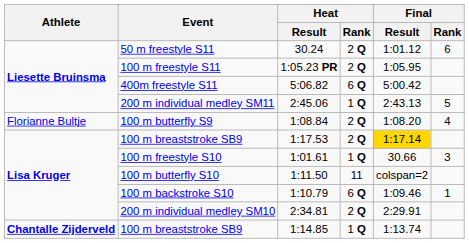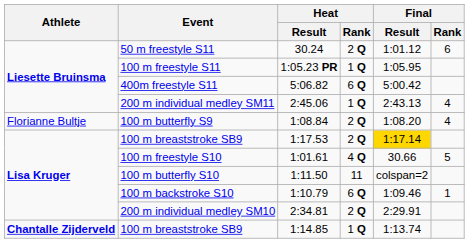 <table class=wikitable style="font-size:90%">
 <tr>
 <th rowspan="2">Athlete</th>
 <th rowspan="2">Event</th>
 <th colspan="2">Heat</th>
 <th colspan="2">Final</th>
 </tr>
 <tr>
 <th>Result</th>
 <th>Rank</th>
 <th>Result</th>
 <th>Rank</th>
 </tr>
 <tr align=center>
 <td align=left rowspan=4><strong><a href='#'>Liesette Bruinsma</a></strong></td>
 <td align=left><a href='#'>50 m freestyle S11</a></td>
 <td>30.24</td>
 <td>2 <strong>Q</strong></td>
 <td>1:01.12</td>
 <td>6</td>
 </tr>
 <tr align=center>
 <td align=left><a href='#'>100 m freestyle S11</a></td>
 <td>1:05.23 <strong>PR</strong></td>
-<td>2 <strong>Q</strong></td>
+<td>1 <strong>Q</strong></td>
 <td>1:05.95</td>
 <td></td>
 </tr>
 <tr align=center>
 <td align=left><a href='#'>400m freestyle S11</a></td>
 <td>5:06.82</td>
 <td>6 <strong>Q</strong></td>
 <td>5:00.42</td>
 <td></td>
 </tr>
 <tr align=center>
 <td align=left><a href='#'>200 m individual medley SM11</a></td>
 <td>2:45.06</td>
 <td>1 <strong>Q</strong></td>
 <td>2:43.13</td>
-<td>5</td>
+<td>4</td>
 </tr>
 <tr align=center>
 <td align=left><a href='#'>Florianne Bultje</a></td>
 <td align=left><a href='#'>100 m butterfly S9</a></td>
 <td>1:08.84</td>
 <td>2 <strong>Q</strong></td>
 <td>1:08.20</td>
 <td>4</td>
 </tr>
 <tr align=center>
 <td align=left rowspan=5><strong><a href='#'>Lisa Kruger</a></strong></td>
 <td align=left><a href='#'>100 m breaststroke SB9</a></td>
 <td>1:17.53</td>
 <td>2 <strong>Q</strong></td>
 <td style="background: gold;">1:17.14</td>
 <td></td>
 </tr>
 <tr align=center>
 <td align=left><a href='#'>100 m freestyle S10</a></td>
 <td>1:01.61</td>
-<td>1 <strong>Q</strong></td>
+<td>4 <strong>Q</strong></td>
 <td>30.66</td>
-<td>3</td>
+<td>5</td>
 </tr>
 <tr align=center>
 <td align=left><a href='#'>100 m butterfly S10</a></td>
 <td>1:11.50</td>
 <td>11</td>
 <td>colspan=2 </td>
 </tr>
 <tr align=center>
 <td align=left><a href='#'>100 m backstroke  S10</a></td>
 <td>1:10.79</td>
 <td>6 <strong>Q</strong></td>
 <td>1:09.46</td>
 <td>1</td>
 </tr>
 <tr align=center>
 <td align=left><a href='#'>200 m individual medley SM10</a></td>
 <td>2:34.81</td>
 <td>2 <strong>Q</strong></td>
 <td>2:29.91</td>
 <td></td>
 </tr>
 <tr align=center>
 <td align=left><strong><a href='#'>Chantalle Zijderveld</a></strong></td>
 <td align=left><a href='#'>100 m breaststroke SB9</a></td>
 <td>1:14.85</td>
 <td>1 <strong>Q</strong></td>
 <td>1:13.74</td>
 <td></td>
 </tr>
 </table>
